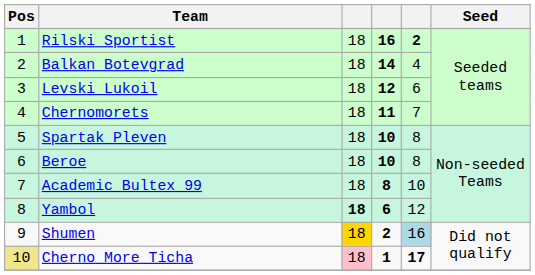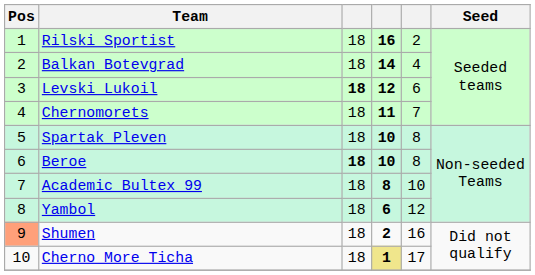 <table class="wikitable" style="text-align: center;">
 <tr>
 <th width=15>Pos</th>
 <th width=260>Team</th>
 <th width=20></th>
 <th width=20></th>
 <th width=20></th>
 <th width=80>Seed</th>
 </tr>
 <tr bgcolor="#cfc">
 <td>1</td>
 <td align="left"><a href='#'>Rilski Sportist</a></td>
 <td>18</td>
 <td><strong>16</strong></td>
-<td><strong>2</strong></td>
+<td>2</td>
 <td rowspan=4>Seeded teams</td>
 </tr>
 <tr bgcolor="#cfc">
 <td>2</td>
 <td align="left"><a href='#'>Balkan Botevgrad</a></td>
 <td>18</td>
 <td><strong>14</strong></td>
 <td>4</td>
 </tr>
 <tr bgcolor="#cfc">
 <td>3</td>
 <td align="left"><a href='#'>Levski Lukoil</a></td>
-<td>18</td>
+<td><strong>18</strong></td>
 <td><strong>12</strong></td>
 <td>6</td>
 </tr>
 <tr bgcolor="#cfc">
 <td>4</td>
 <td align="left"><a href='#'>Chernomorets</a></td>
 <td>18</td>
 <td><strong>11</strong></td>
 <td>7</td>
 </tr>
 <tr bgcolor="#c6f7de">
 <td>5</td>
 <td align="left"><a href='#'>Spartak Pleven</a></td>
 <td>18</td>
 <td><strong>10</strong></td>
 <td>8</td>
 <td rowspan=4>Non-seeded Teams</td>
 </tr>
 <tr bgcolor="#c6f7de">
 <td>6</td>
 <td align="left"><a href='#'>Beroe</a></td>
-<td>18</td>
+<td><strong>18</strong></td>
 <td><strong>10</strong></td>
 <td>8</td>
 </tr>
 <tr bgcolor="#c6f7de">
 <td>7</td>
 <td align="left"><a href='#'>Academic Bultex 99</a></td>
 <td>18</td>
 <td><strong>8</strong></td>
 <td>10</td>
 </tr>
 <tr bgcolor="#c6f7de">
 <td>8</td>
 <td align="left"><a href='#'>Yambol</a></td>
-<td><strong>18</strong></td>
+<td>18</td>
 <td><strong>6</strong></td>
 <td>12</td>
 </tr>
 <tr>
-<td>9</td>
+<td style="background: lightsalmon;">9</td>
 <td align="left"><a href='#'>Shumen</a></td>
-<td style="background: gold;">18</td>
+<td>18</td>
 <td><strong>2</strong></td>
-<td style="background: lightblue;">16</td>
+<td>16</td>
 <td rowspan=2>Did not qualify</td>
 </tr>
 <tr>
-<td style="background: khaki;">10</td>
+<td>10</td>
 <td align="left"><a href='#'>Cherno More Ticha</a></td>
-<td style="background: pink;">18</td>
-<td><strong>1</strong></td>
-<td><strong>17</strong></td>
+<td>18</td>
+<td style="background: khaki;"><strong>1</strong></td>
+<td>17</td>
 </tr>
 <tr>
 </tr>
 </table>
